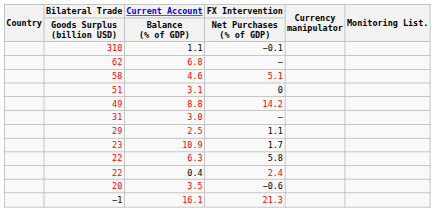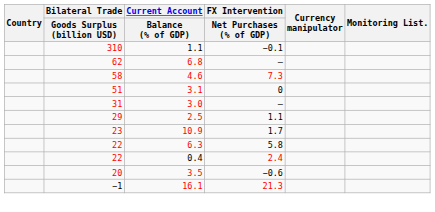 <table class="wikitable sortable mw-collapsible mw-collapsed" style="text-align:right;">
 <tr>
 <th rowspan="2">Country</th>
 <th>Bilateral Trade</th>
 <th><a href='#'>Current Account</a></th>
 <th>FX Intervention</th>
 <th rowspan=2>Currency<br>manipulator</th>
 <th rowspan=2>Monitoring List.</th>
 </tr>
 <tr>
 <th>Goods Surplus<br>(billion USD)<br></th>
 <th>Balance<br>(% of GDP)<br></th>
 <th>Net Purchases<br>(% of GDP)<br></th>
 </tr>
 <tr>
 <td style="text-align:left;"></td>
 <td style="font-weigbt:bold; color:red;">310</td>
 <td>1.1</td>
 <td>−0.1</td>
 <td></td>
 <td></td>
 </tr>
 <tr>
 <td style="text-align:left;"></td>
 <td style="font-weigbt:bold; color:red;">62</td>
 <td style="font-weigbt:bold; color:red;">6.8</td>
 <td>–</td>
 <td></td>
 <td></td>
 </tr>
 <tr>
 <td style="text-align:left;"></td>
 <td style="font-weigbt:bold; color:red;">58</td>
 <td style="font-weigbt:bold; color:red;">4.6</td>
-<td style="font-weigbt:bold; color:red;">5.1</td>
+<td style="font-weigbt:bold; color:red;">7.3</td>
 <td></td>
 <td></td>
 </tr>
 <tr>
 <td style="text-align:left;"></td>
 <td style="font-weigbt:bold; color:red;">51</td>
 <td style="font-weigbt:bold; color:red;">3.1</td>
 <td>0</td>
-<td></td>
-<td></td>
-</tr>
-<tr>
-<td style="text-align:left;"></td>
-<td style="font-weigbt:bold; color:red;">49</td>
-<td style="font-weigbt:bold; color:red;">8.8</td>
-<td style="font-weigbt:bold; color:red;">14.2</td>
 <td></td>
 <td></td>
 </tr>
 <tr>
 <td style="text-align:left;"></td>
 <td style="font-weigbt:bold; color:red;">31</td>
 <td style="font-weigbt:bold; color:red;">3.0</td>
 <td>–</td>
 <td></td>
 <td></td>
 </tr>
 <tr>
 <td style="text-align:left;"></td>
 <td style="font-weigbt:bold; color:red;">29</td>
 <td style="font-weigbt:bold; color:red;">2.5</td>
 <td>1.1</td>
 <td></td>
 <td></td>
 </tr>
 <tr>
 <td style="text-align:left;"></td>
 <td style="font-weigbt:bold; color:red;">23</td>
 <td style="font-weigbt:bold; color:red;">10.9</td>
 <td>1.7</td>
 <td></td>
 <td></td>
 </tr>
 <tr>
 <td style="text-align:left;"></td>
 <td style="font-weigbt:bold; color:red;">22</td>
 <td style="font-weigbt:bold; color:red;">6.3</td>
 <td>5.8</td>
 <td></td>
 <td></td>
 </tr>
 <tr>
 <td style="text-align:left;"></td>
 <td style="font-weigbt:bold; color:red;">22</td>
 <td>0.4</td>
 <td style="font-weigbt:bold; color:red;">2.4</td>
 <td></td>
 <td></td>
 </tr>
 <tr>
 <td style="text-align:left;"></td>
 <td style="font-weigbt:bold; color:red;">20</td>
 <td style="font-weigbt:bold; color:red;">3.5</td>
 <td>−0.6</td>
 <td></td>
 <td></td>
 </tr>
 <tr>
 <td style="text-align:left;"></td>
 <td>−1</td>
 <td style="font-weigbt:bold; color:red;">16.1</td>
 <td style="font-weigbt:bold; color:red;">21.3</td>
 <td></td>
 <td></td>
 </tr>
 </table>
